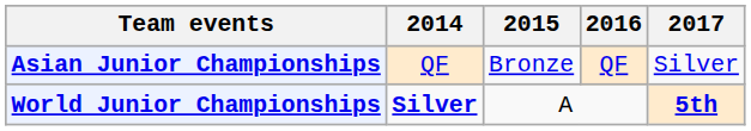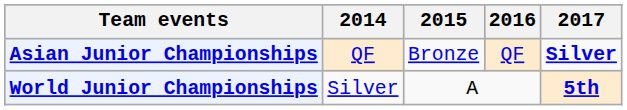 <table class="wikitable" style="font-size: 90%; text-align:center">
 <tr>
 <th>Team events</th>
 <th>2014</th>
 <th>2015</th>
 <th>2016</th>
 <th>2017</th>
 </tr>
 <tr>
 <td bgcolor="#ECF2FF"; align="left"><strong><a href='#'>Asian Junior Championships</a></strong></td>
 <td bgcolor=FFEBCD><a href='#'>QF</a></td>
 <td> <a href='#'>Bronze</a></td>
 <td bgcolor=FFEBCD><a href='#'>QF</a></td>
-<td> <a href='#'>Silver</a></td>
+<td><strong> <a href='#'>Silver</a></strong></td>
 </tr>
 <tr>
 <td bgcolor="#ECF2FF"; align="left"><strong><a href='#'>World Junior Championships</a></strong></td>
-<td><strong> <a href='#'>Silver</a></strong></td>
+<td> <a href='#'>Silver</a></td>
 <td colspan=2>A</td>
 <td bgcolor=FFEBCD><strong><a href='#'>5th</a></strong></td>
 </tr>
 </table>
